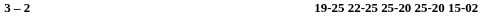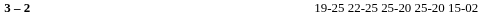 <table width=100% cellspacing=1>
 <tr>
 <th width=20%></th>
 <th width=12%></th>
 <th width=20%></th>
 <th width=33%></th>
 <td></td>
 </tr>
 <tr style=font-size:90%>
 <td align=right><strong></strong></td>
 <td align=center><strong>3 – 2</strong></td>
 <td></td>
-<td><strong>19-25 22-25 25-20 25-20 15-02</strong></td>
+<td>19-25 22-25 25-20 25-20 15-02</td>
 </tr>
 </table>
